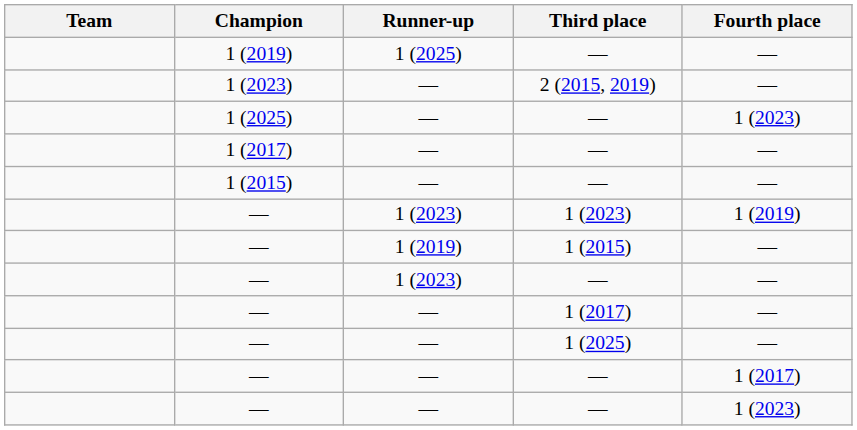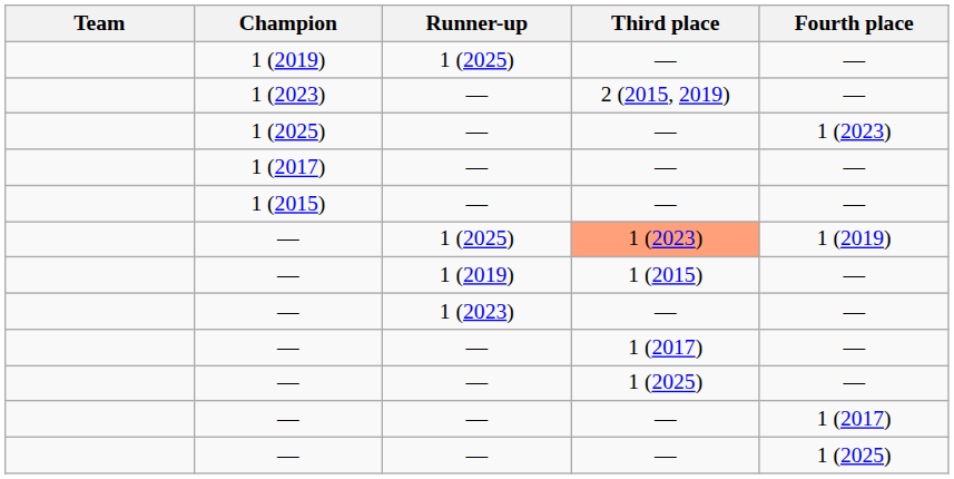 <table class="wikitable" style="font-size:90%; text-align:center; width:100%;">
 <tr>
 <th style="width:20%;">Team</th>
 <th style="width:20%;">Champion</th>
 <th style="width:20%;">Runner-up</th>
 <th style="width:20%;">Third place</th>
 <th style="width:20%;">Fourth place</th>
 </tr>
 <tr>
 <td style="text-align:left"></td>
 <td>1 (<a href='#'>2019</a>)</td>
 <td>1 (<a href='#'>2025</a>)</td>
 <td>—</td>
 <td>—</td>
 </tr>
 <tr>
 <td style="text-align:left"></td>
 <td>1 (<a href='#'>2023</a>)</td>
 <td>—</td>
 <td>2 (<a href='#'>2015</a>, <a href='#'>2019</a>)</td>
 <td>—</td>
 </tr>
 <tr>
 <td style="text-align:left"></td>
 <td>1 (<a href='#'>2025</a>)</td>
 <td>—</td>
 <td>—</td>
 <td>1 (<a href='#'>2023</a>)</td>
 </tr>
 <tr>
 <td style="text-align:left"></td>
 <td>1 (<a href='#'>2017</a>)</td>
 <td>—</td>
 <td>—</td>
 <td>—</td>
 </tr>
 <tr>
 <td style="text-align:left"></td>
 <td>1 (<a href='#'>2015</a>)</td>
 <td>—</td>
 <td>—</td>
 <td>—</td>
 </tr>
 <tr>
 <td style="text-align:left"></td>
 <td>—</td>
-<td>1 (<a href='#'>2023</a>)</td>
-<td>1 (<a href='#'>2023</a>)</td>
+<td>1 (<a href='#'>2025</a>)</td>
+<td style="background: lightsalmon;">1 (<a href='#'>2023</a>)</td>
 <td>1 (<a href='#'>2019</a>)</td>
 </tr>
 <tr>
 <td style="text-align:left"></td>
 <td>—</td>
 <td>1 (<a href='#'>2019</a>)</td>
 <td>1 (<a href='#'>2015</a>)</td>
 <td>—</td>
 </tr>
 <tr>
 <td style="text-align:left"></td>
 <td>—</td>
 <td>1 (<a href='#'>2023</a>)</td>
 <td>—</td>
 <td>—</td>
 </tr>
 <tr>
 <td style="text-align:left"></td>
 <td>—</td>
 <td>—</td>
 <td>1 (<a href='#'>2017</a>)</td>
 <td>—</td>
 </tr>
 <tr>
 <td style="text-align: left;"></td>
 <td>—</td>
 <td>—</td>
 <td>1 (<a href='#'>2025</a>)</td>
 <td>—</td>
 </tr>
 <tr>
 <td style="text-align:left"></td>
 <td>—</td>
 <td>—</td>
 <td>—</td>
 <td>1 (<a href='#'>2017</a>)</td>
 </tr>
 <tr>
 <td style="text-align:left"></td>
 <td>—</td>
 <td>—</td>
 <td>—</td>
-<td>1 (<a href='#'>2023</a>)</td>
+<td>1 (<a href='#'>2025</a>)</td>
 </tr>
 </table>
